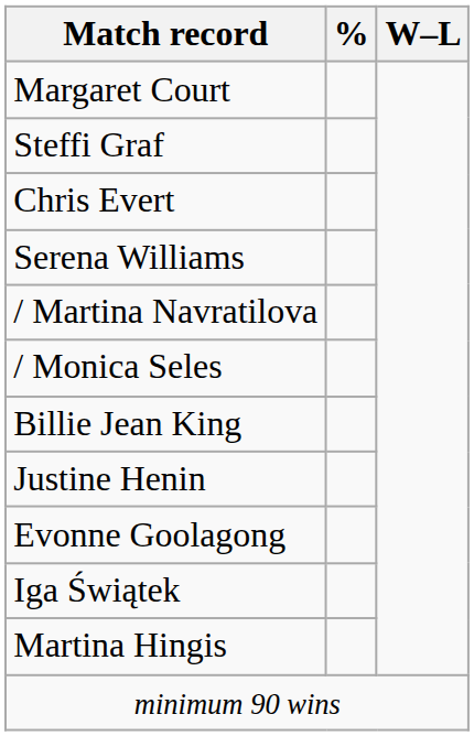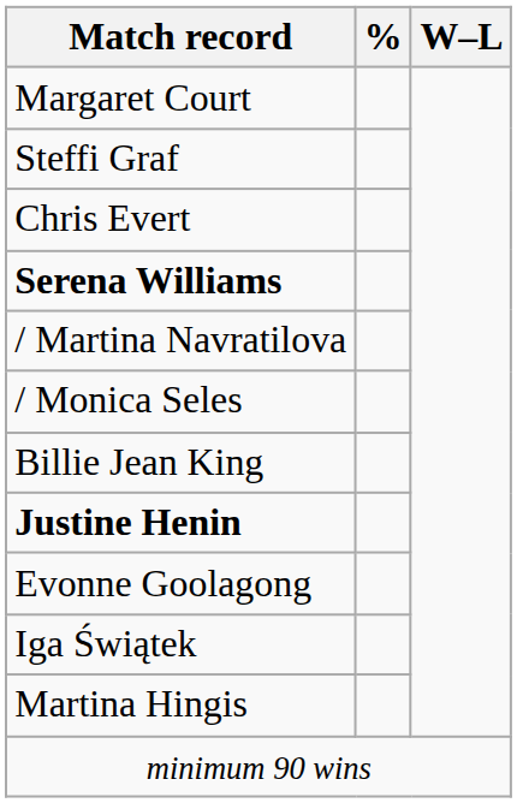 <table class="wikitable" style="display:inline-table;">
 <tr>
 <th>Match record</th>
 <th>%</th>
 <th>W–L</th>
 </tr>
 <tr>
 <td> Margaret Court</td>
 <td></td>
 </tr>
 <tr>
 <td> Steffi Graf</td>
 <td></td>
 </tr>
 <tr>
 <td> Chris Evert</td>
 <td></td>
 </tr>
 <tr>
-<td> Serena Williams</td>
+<td><strong> Serena Williams</strong></td>
 <td></td>
 </tr>
 <tr>
 <td>/ Martina Navratilova</td>
 <td></td>
 </tr>
 <tr>
 <td>/ Monica Seles</td>
 <td></td>
 </tr>
 <tr>
 <td> Billie Jean King</td>
 <td></td>
 </tr>
 <tr>
-<td> Justine Henin</td>
+<td><strong> Justine Henin</strong></td>
 <td></td>
 </tr>
 <tr>
 <td> Evonne Goolagong</td>
 <td></td>
 </tr>
 <tr>
 <td> Iga Świątek</td>
 <td></td>
 </tr>
 <tr>
 <td> Martina Hingis</td>
 <td></td>
 </tr>
 <tr>
 <td colspan="4" style="text-align: center;"><small><em>minimum 90 wins</em></small><br></td>
 </tr>
 </table>
